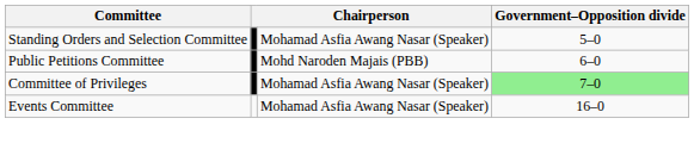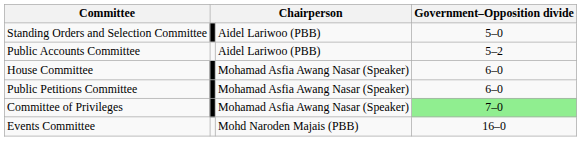 <table class="wikitable">
 <tr>
 <th>Committee</th>
 <th colspan="2">Chairperson</th>
 <th>Government–Opposition divide</th>
 </tr>
 <tr>
 <td>Standing Orders and Selection Committee</td>
 <td style="background:black;"></td>
+<td>Aidel Lariwoo (PBB)</td>
+<td style="text-align:center;">5–0</td>
+</tr>
+<tr>
+<td>Public Accounts Committee</td>
+<td style="background:"></td>
+<td>Aidel Lariwoo (PBB)</td>
+<td style="text-align:center;">5–2</td>
+</tr>
+<tr>
+<td>House Committee</td>
+<td style="background:black;"></td>
 <td>Mohamad Asfia Awang Nasar (Speaker)</td>
-<td style="text-align:center;">5–0</td>
+<td style="text-align:center;">6–0</td>
 </tr>
 <tr>
 <td>Public Petitions Committee</td>
 <td style="background:black;"></td>
-<td>Mohd Naroden Majais (PBB)</td>
+<td>Mohamad Asfia Awang Nasar (Speaker)</td>
 <td style="text-align:center;">6–0</td>
 </tr>
 <tr>
 <td>Committee of Privileges</td>
 <td style="background:black;"></td>
 <td>Mohamad Asfia Awang Nasar (Speaker)</td>
 <td style="background: lightgreen; text-align:center;">7–0</td>
 </tr>
 <tr>
 <td>Events Committee</td>
 <td style="background:"></td>
-<td>Mohamad Asfia Awang Nasar (Speaker)</td>
+<td>Mohd Naroden Majais (PBB)</td>
 <td style="text-align:center;">16–0</td>
 </tr>
 </table>
